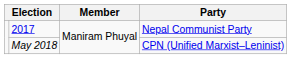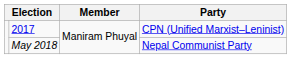 <table class="wikitable">
 <tr>
 <th colspan="2">Election</th>
 <th>Member</th>
 <th>Party</th>
 </tr>
 <tr>
 <td rowspan="2" style="color:inherit;background:"></td>
 <td><a href='#'>2017</a></td>
 <td rowspan="2">Maniram Phuyal</td>
-<td><a href='#'>Nepal Communist Party</a></td>
+<td><a href='#'>CPN (Unified Marxist–Leninist)</a></td>
 </tr>
 <tr>
 <td><em>May 2018</em></td>
-<td><a href='#'>CPN (Unified Marxist–Leninist)</a></td>
+<td><a href='#'>Nepal Communist Party</a></td>
 </tr>
 </table>
